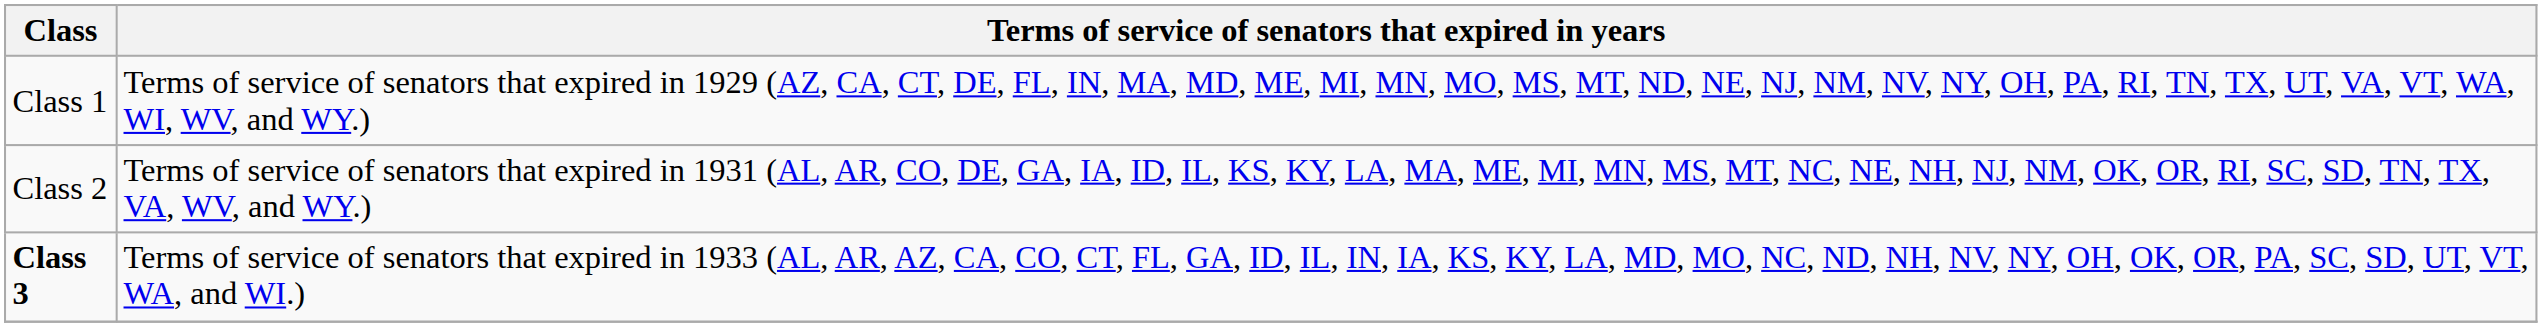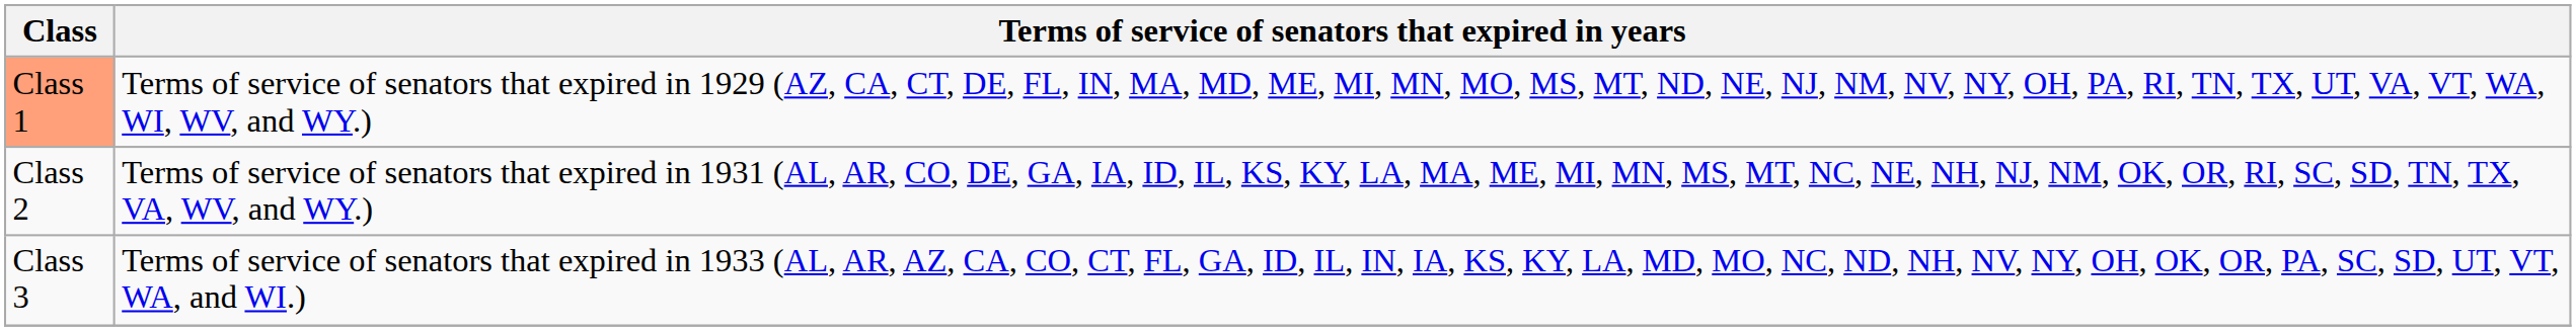 <table class="wikitable sortable">
 <tr valign=bottom>
 <th>Class</th>
 <th>Terms of service of senators that expired in years</th>
 </tr>
 <tr>
-<td>Class 1</td>
+<td style="background: lightsalmon;">Class 1</td>
 <td>Terms of service of senators that expired in 1929 (<a href='#'>AZ</a>, <a href='#'>CA</a>, <a href='#'>CT</a>, <a href='#'>DE</a>, <a href='#'>FL</a>, <a href='#'>IN</a>, <a href='#'>MA</a>, <a href='#'>MD</a>, <a href='#'>ME</a>,  <a href='#'>MI</a>, <a href='#'>MN</a>, <a href='#'>MO</a>, <a href='#'>MS</a>, <a href='#'>MT</a>, <a href='#'>ND</a>, <a href='#'>NE</a>, <a href='#'>NJ</a>, <a href='#'>NM</a>, <a href='#'>NV</a>, <a href='#'>NY</a>, <a href='#'>OH</a>, <a href='#'>PA</a>, <a href='#'>RI</a>, <a href='#'>TN</a>, <a href='#'>TX</a>, <a href='#'>UT</a>, <a href='#'>VA</a>, <a href='#'>VT</a>, <a href='#'>WA</a>, <a href='#'>WI</a>, <a href='#'>WV</a>, and <a href='#'>WY</a>.)</td>
 </tr>
 <tr>
 <td>Class 2</td>
 <td>Terms of service of senators that expired in 1931 (<a href='#'>AL</a>, <a href='#'>AR</a>, <a href='#'>CO</a>, <a href='#'>DE</a>, <a href='#'>GA</a>, <a href='#'>IA</a>, <a href='#'>ID</a>, <a href='#'>IL</a>, <a href='#'>KS</a>, <a href='#'>KY</a>, <a href='#'>LA</a>, <a href='#'>MA</a>, <a href='#'>ME</a>, <a href='#'>MI</a>, <a href='#'>MN</a>, <a href='#'>MS</a>, <a href='#'>MT</a>, <a href='#'>NC</a>, <a href='#'>NE</a>, <a href='#'>NH</a>, <a href='#'>NJ</a>, <a href='#'>NM</a>, <a href='#'>OK</a>, <a href='#'>OR</a>, <a href='#'>RI</a>, <a href='#'>SC</a>, <a href='#'>SD</a>, <a href='#'>TN</a>, <a href='#'>TX</a>, <a href='#'>VA</a>, <a href='#'>WV</a>, and <a href='#'>WY</a>.)</td>
 </tr>
 <tr>
-<td><strong>Class 3</strong></td>
+<td>Class 3</td>
 <td>Terms of service of senators that expired in 1933 (<a href='#'>AL</a>, <a href='#'>AR</a>, <a href='#'>AZ</a>, <a href='#'>CA</a>, <a href='#'>CO</a>, <a href='#'>CT</a>, <a href='#'>FL</a>, <a href='#'>GA</a>, <a href='#'>ID</a>, <a href='#'>IL</a>, <a href='#'>IN</a>, <a href='#'>IA</a>, <a href='#'>KS</a>, <a href='#'>KY</a>, <a href='#'>LA</a>, <a href='#'>MD</a>, <a href='#'>MO</a>, <a href='#'>NC</a>, <a href='#'>ND</a>, <a href='#'>NH</a>, <a href='#'>NV</a>, <a href='#'>NY</a>, <a href='#'>OH</a>, <a href='#'>OK</a>, <a href='#'>OR</a>, <a href='#'>PA</a>, <a href='#'>SC</a>, <a href='#'>SD</a>, <a href='#'>UT</a>, <a href='#'>VT</a>, <a href='#'>WA</a>, and <a href='#'>WI</a>.)</td>
 </tr>
 <tr>
 </tr>
 </table>
